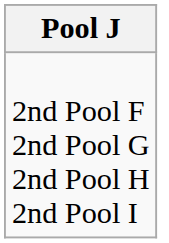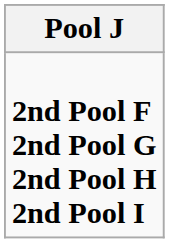 <table class="wikitable">
 <tr>
 <th>Pool J</th>
 </tr>
 <tr>
-<td><br>2nd Pool F<br> 2nd Pool G<br> 2nd Pool H<br> 2nd Pool I</td>
+<td><strong><br>2nd Pool F<br> 2nd Pool G<br> 2nd Pool H<br> 2nd Pool I</strong></td>
 </tr>
 </table>
